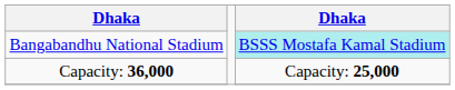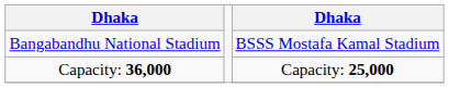 <table class="wikitable" style="text-align:center; margin:1em auto;">
 <tr>
 <th><a href='#'>Dhaka</a></th>
 <td rowspan="4"></td>
 <th><a href='#'>Dhaka</a></th>
 </tr>
 <tr>
 <td><a href='#'>Bangabandhu National Stadium</a></td>
-<td style="background: paleturquoise;"><a href='#'>BSSS Mostafa Kamal Stadium</a></td>
+<td><a href='#'>BSSS Mostafa Kamal Stadium</a></td>
 </tr>
 <tr>
 <td>Capacity: <strong>36,000</strong></td>
 <td>Capacity: <strong>25,000</strong></td>
 </tr>
 <tr>
 </tr>
 </table>
